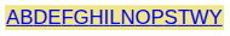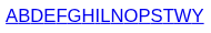 <table id="toc" class="toc" summary="Class">
 <tr>
 <th></th>
 </tr>
 <tr>
-<td style="background: khaki; text-align:center;"><a href='#'>A</a><a href='#'>B</a><a href='#'>D</a><a href='#'>E</a><a href='#'>F</a><a href='#'>G</a><a href='#'>H</a><a href='#'>I</a><a href='#'>L</a><a href='#'>N</a><a href='#'>O</a><a href='#'>P</a><a href='#'>S</a><a href='#'>T</a><a href='#'>W</a><a href='#'>Y</a></td>
+<td style="text-align:center;"><a href='#'>A</a><a href='#'>B</a><a href='#'>D</a><a href='#'>E</a><a href='#'>F</a><a href='#'>G</a><a href='#'>H</a><a href='#'>I</a><a href='#'>L</a><a href='#'>N</a><a href='#'>O</a><a href='#'>P</a><a href='#'>S</a><a href='#'>T</a><a href='#'>W</a><a href='#'>Y</a></td>
 </tr>
 </table>
